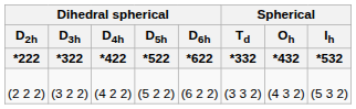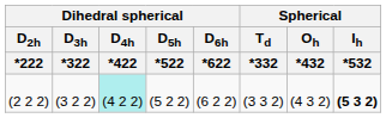 <table class="wikitable">
 <tr>
 <th colspan=5>Dihedral spherical</th>
 <th colspan=3>Spherical</th>
 </tr>
 <tr>
 <th>D<sub>2h</sub></th>
 <th>D<sub>3h</sub></th>
 <th>D<sub>4h</sub></th>
 <th>D<sub>5h</sub></th>
 <th>D<sub>6h</sub></th>
 <th>T<sub>d</sub></th>
 <th>O<sub>h</sub></th>
 <th>I<sub>h</sub></th>
 </tr>
 <tr>
 <th>*222</th>
 <th>*322</th>
 <th>*422</th>
 <th>*522</th>
 <th>*622</th>
 <th>*332</th>
 <th>*432</th>
 <th>*532</th>
 </tr>
 <tr align=center>
 <td><br>(2 2 2)</td>
 <td><br>(3 2 2)</td>
-<td><br>(4 2 2)</td>
+<td style="background: paleturquoise;"><br>(4 2 2)</td>
 <td><br>(5 2 2)</td>
 <td><br>(6 2 2)</td>
 <td><br>(3 3 2)</td>
 <td><br>(4 3 2)</td>
-<td><br>(5 3 2)</td>
+<td><strong><br>(5 3 2)</strong></td>
 </tr>
 </table>
